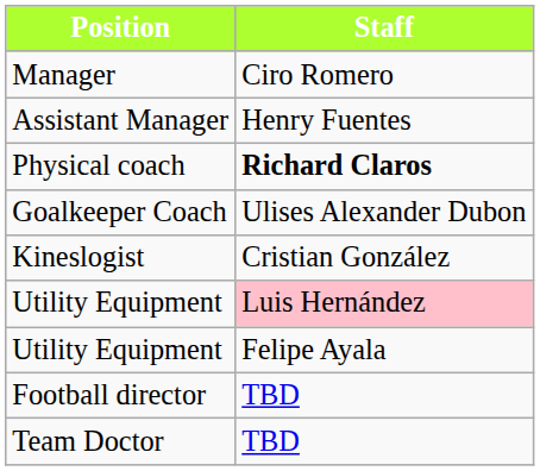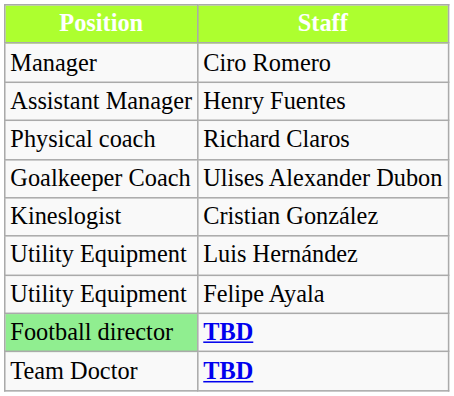 <table class="wikitable">
 <tr>
 <th style="color:White; background:#ADFF2F;">Position</th>
 <th style="color:White; background:#ADFF2F;">Staff</th>
 </tr>
 <tr>
 <td>Manager</td>
 <td> Ciro Romero</td>
 </tr>
 <tr>
 <td>Assistant Manager</td>
 <td> Henry Fuentes</td>
 </tr>
 <tr>
 <td>Physical coach</td>
-<td><strong> Richard Claros</strong></td>
+<td> Richard Claros</td>
 </tr>
 <tr>
 <td>Goalkeeper Coach</td>
 <td> Ulises Alexander Dubon</td>
 </tr>
 <tr>
 <td>Kineslogist</td>
 <td>  Cristian González</td>
 </tr>
 <tr>
 <td>Utility Equipment</td>
-<td style="background: pink;"> Luis Hernández</td>
+<td> Luis Hernández</td>
 </tr>
 <tr>
 <td>Utility Equipment</td>
 <td> Felipe Ayala</td>
 </tr>
 <tr>
-<td>Football director</td>
-<td> <a href='#'>TBD</a></td>
+<td style="background: lightgreen;">Football director</td>
+<td><strong> <a href='#'>TBD</a></strong></td>
 </tr>
 <tr>
 <td>Team Doctor</td>
-<td> <a href='#'>TBD</a></td>
+<td><strong> <a href='#'>TBD</a></strong></td>
 </tr>
 </table>
